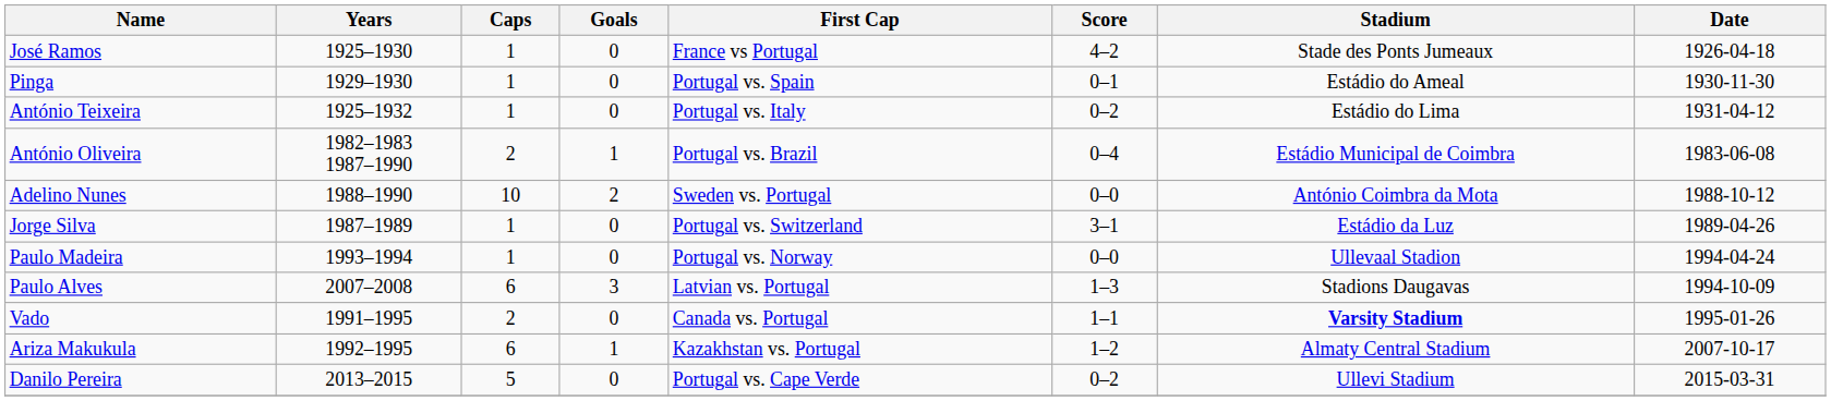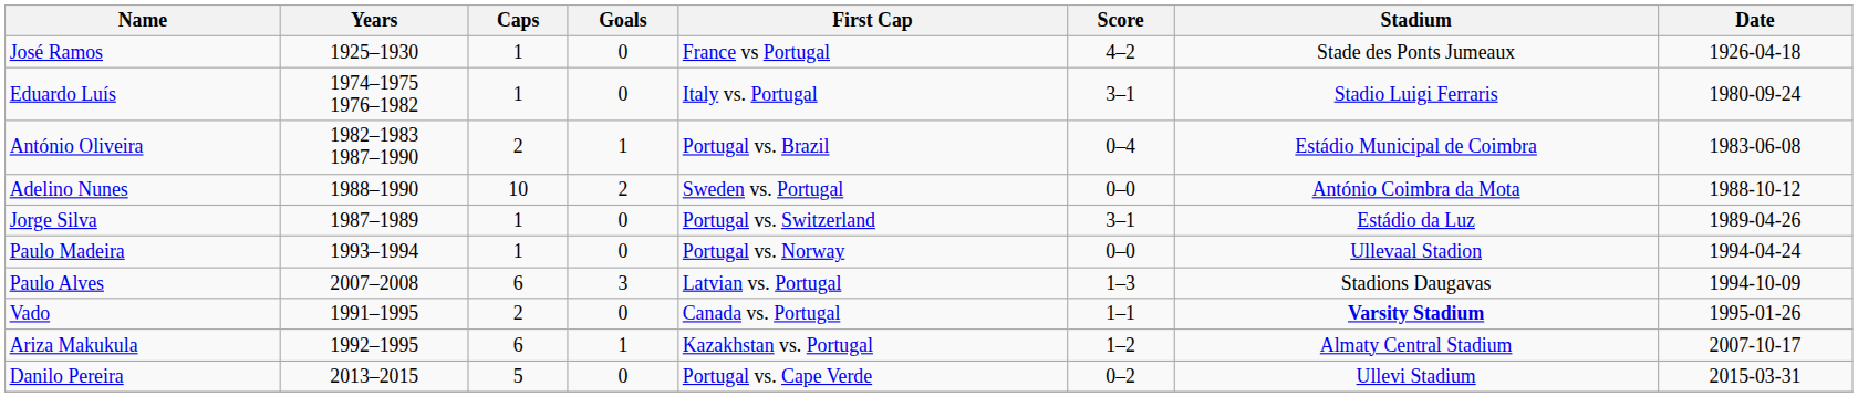 <table class="wikitable sortable" style="width:95%; align:center; text-align:center">
 <tr>
 <th>Name</th>
 <th>Years</th>
 <th>Caps</th>
 <th>Goals</th>
 <th>First Cap</th>
 <th>Score</th>
 <th>Stadium</th>
 <th>Date</th>
 </tr>
 <tr>
 <td align="left"> <a href='#'>José Ramos</a></td>
 <td align="center">1925–1930</td>
 <td>1</td>
 <td>0</td>
 <td align="left"><a href='#'>France</a>  vs  <a href='#'>Portugal</a></td>
 <td>4–2</td>
 <td>Stade des Ponts Jumeaux</td>
 <td>1926-04-18</td>
 </tr>
 <tr>
-<td align="left"> <a href='#'>Pinga</a></td>
-<td align="center">1929–1930</td>
+<td align="left"> <a href='#'>Eduardo Luís</a></td>
+<td align="center">1974–1975<br>1976–1982</td>
 <td>1</td>
 <td>0</td>
-<td align="left"><a href='#'>Portugal</a>  vs.  <a href='#'>Spain</a></td>
-<td>0–1</td>
-<td>Estádio do Ameal</td>
-<td>1930-11-30</td>
-</tr>
-<tr>
-<td align="left"> <a href='#'>António Teixeira</a></td>
-<td align="center">1925–1932</td>
-<td>1</td>
-<td>0</td>
-<td align="left"><a href='#'>Portugal</a>  vs.  <a href='#'>Italy</a></td>
-<td>0–2</td>
-<td>Estádio do Lima</td>
-<td>1931-04-12</td>
+<td align="left"><a href='#'>Italy</a>  vs.  <a href='#'>Portugal</a></td>
+<td>3–1</td>
+<td><a href='#'>Stadio Luigi Ferraris</a></td>
+<td>1980-09-24</td>
 </tr>
 <tr>
 <td align="left"> <a href='#'>António Oliveira</a></td>
 <td align="center">1982–1983<br>1987–1990</td>
 <td>2</td>
 <td>1</td>
 <td align="left"><a href='#'>Portugal</a>  vs.  <a href='#'>Brazil</a></td>
 <td>0–4</td>
 <td><a href='#'>Estádio Municipal de Coimbra</a></td>
 <td>1983-06-08</td>
 </tr>
 <tr>
 <td align="left"> <a href='#'>Adelino Nunes</a></td>
 <td align="center">1988–1990</td>
 <td>10</td>
 <td>2</td>
 <td align="left"><a href='#'>Sweden</a>  vs.  <a href='#'>Portugal</a></td>
 <td>0–0</td>
 <td><a href='#'>António Coimbra da Mota</a></td>
 <td>1988-10-12</td>
 </tr>
 <tr>
 <td align="left"> <a href='#'>Jorge Silva</a></td>
 <td align="center">1987–1989</td>
 <td>1</td>
 <td>0</td>
 <td align="left"><a href='#'>Portugal</a>  vs.  <a href='#'>Switzerland</a></td>
 <td>3–1</td>
 <td><a href='#'>Estádio da Luz</a></td>
 <td>1989-04-26</td>
 </tr>
 <tr>
 <td align="left"> <a href='#'>Paulo Madeira</a></td>
 <td align="center">1993–1994</td>
 <td>1</td>
 <td>0</td>
 <td align="left"><a href='#'>Portugal</a>  vs.  <a href='#'>Norway</a></td>
 <td>0–0</td>
 <td><a href='#'>Ullevaal Stadion</a></td>
 <td>1994-04-24</td>
 </tr>
 <tr>
 <td align="left"> <a href='#'>Paulo Alves</a></td>
 <td align="center">2007–2008</td>
 <td>6</td>
 <td>3</td>
 <td align="left"><a href='#'>Latvian</a>  vs.  <a href='#'>Portugal</a></td>
 <td>1–3</td>
 <td>Stadions Daugavas</td>
 <td>1994-10-09</td>
 </tr>
 <tr>
 <td align="left"> <a href='#'>Vado</a></td>
 <td align="center">1991–1995</td>
 <td>2</td>
 <td>0</td>
 <td align="left"><a href='#'>Canada</a>  vs.  <a href='#'>Portugal</a></td>
 <td>1–1</td>
 <td><strong><a href='#'>Varsity Stadium</a></strong></td>
 <td>1995-01-26</td>
 </tr>
 <tr>
 <td align="left"> <a href='#'>Ariza Makukula</a></td>
 <td align="center">1992–1995</td>
 <td>6</td>
 <td>1</td>
 <td align="left"><a href='#'>Kazakhstan</a>  vs.  <a href='#'>Portugal</a></td>
 <td>1–2</td>
 <td><a href='#'>Almaty Central Stadium</a></td>
 <td>2007-10-17</td>
 </tr>
 <tr>
 <td align="left"> <a href='#'>Danilo Pereira</a></td>
 <td align="center">2013–2015</td>
 <td>5</td>
 <td>0</td>
 <td align="left"><a href='#'>Portugal</a>  vs.  <a href='#'>Cape Verde</a></td>
 <td>0–2</td>
 <td><a href='#'>Ullevi Stadium</a></td>
 <td>2015-03-31</td>
 </tr>
 <tr>
 </tr>
 </table>
